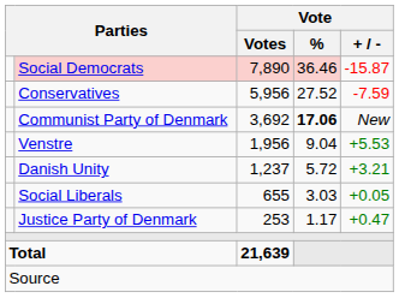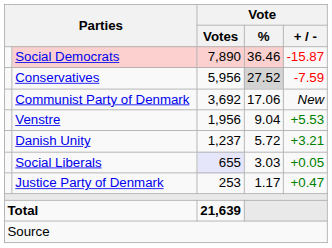 <table class="wikitable" style="text-align:right;">
 <tr>
 <th style="text-align:centre;" rowspan="2" colspan="2" width="225">Parties</th>
 <th colspan="3">Vote</th>
 </tr>
 <tr>
 <th width="15">Votes</th>
 <th width="15">%</th>
 <th width="15">+ / -</th>
 </tr>
 <tr>
 <td width="2" style="color:inherit;background:"></td>
 <td bgcolor=#fbd0ce  align="left"><a href='#'>Social Democrats</a></td>
 <td bgcolor=#fbd0ce>7,890</td>
 <td bgcolor=#fbd0ce>36.46</td>
 <td style=color:red;>-15.87</td>
 </tr>
 <tr>
 <td width="2" style="color:inherit;background:"></td>
 <td align="left"><a href='#'>Conservatives</a></td>
 <td>5,956</td>
-<td>27.52</td>
+<td style="background: lightgrey;">27.52</td>
 <td style=color:red;>-7.59</td>
 </tr>
 <tr>
 <td width="2" style="color:inherit;background:"></td>
 <td align="left"><a href='#'>Communist Party of Denmark</a></td>
 <td>3,692</td>
-<td><strong>17.06</strong></td>
+<td>17.06</td>
 <td><em>New</em></td>
 </tr>
 <tr>
 <td width="2" style="color:inherit;background:"></td>
 <td align="left"><a href='#'>Venstre</a></td>
 <td>1,956</td>
 <td>9.04</td>
 <td style=color:green;>+5.53</td>
 </tr>
 <tr>
 <td width="2" style="color:inherit;background:"></td>
 <td align="left"><a href='#'>Danish Unity</a></td>
 <td>1,237</td>
 <td>5.72</td>
 <td style=color:green;>+3.21</td>
 </tr>
 <tr>
 <td width="2" style="color:inherit;background:"></td>
 <td align="left"><a href='#'>Social Liberals</a></td>
-<td>655</td>
+<td style="background: lavender;">655</td>
 <td>3.03</td>
 <td style=color:green;>+0.05</td>
 </tr>
 <tr>
 <td width="2" style="color:inherit;background:"></td>
 <td align="left"><a href='#'>Justice Party of Denmark</a></td>
 <td>253</td>
 <td>1.17</td>
 <td style=color:green;>+0.47</td>
 </tr>
 <tr>
 <td colspan="7" bgcolor="#E9E9E9"></td>
 </tr>
 <tr>
 <td align="left" colspan="2"><strong>Total</strong></td>
 <td><strong>21,639</strong></td>
 <td bgcolor="#E9E9E9" colspan="2"></td>
 </tr>
 <tr>
 <td align="left" colspan="6">Source</td>
 </tr>
 </table>
